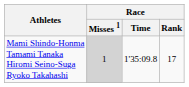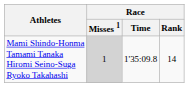 <table class="wikitable" border="1" style="font-size:90%">
 <tr>
 <th rowspan=2>Athletes</th>
 <th colspan=3>Race</th>
 </tr>
 <tr>
 <th>Misses <sup>1</sup></th>
 <th>Time</th>
 <th>Rank</th>
 </tr>
 <tr>
 <td><a href='#'>Mami Shindo-Honma</a><br><a href='#'>Tamami Tanaka</a><br><a href='#'>Hiromi Seino-Suga</a><br><a href='#'>Ryoko Takahashi</a></td>
 <td align=center style="background: lightgrey;">1</td>
 <td align=center>1'35:09.8</td>
-<td align=center>17</td>
+<td align=center>14</td>
 </tr>
 </table>
